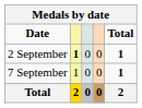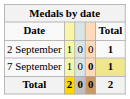 <table class="wikitable" style="font-size:85%">
 <tr bgcolor="#efefef">
 <th colspan=6>Medals by date</th>
 </tr>
 <tr align=center>
 <td><strong>Date</strong></td>
 <td bgcolor=#f7f6a8></td>
 <td bgcolor=#dce5e5></td>
 <td bgcolor=#ffdab9></td>
 <td><strong>Total</strong></td>
 </tr>
 <tr align=center>
 <td>2 September</td>
-<td style="background:#F7F6A8;"><strong>1</strong></td>
+<td style="background:#F7F6A8;">1</td>
 <td style="background:#DCE5E5;">0</td>
 <td style="background:#FFDAB9;">0</td>
 <td><strong>1</strong></td>
 </tr>
 <tr align=center>
 <td>7 September</td>
 <td style="background:#F7F6A8;">1</td>
 <td style="background:#DCE5E5;">0</td>
-<td style="background:#FFDAB9;">0</td>
-<td><strong>1</strong></td>
+<td style="background:#FFDAB9;"><strong>0</strong></td>
+<td style="background: khaki;"><strong>1</strong></td>
 </tr>
 <tr align=center>
 <th><strong>Total</strong></th>
 <th style="background:gold;"><strong>2</strong></th>
 <th style="background:silver;"><strong>0</strong></th>
 <th style="background:#c96;"><strong>0</strong></th>
 <th>2</th>
 </tr>
 </table>
